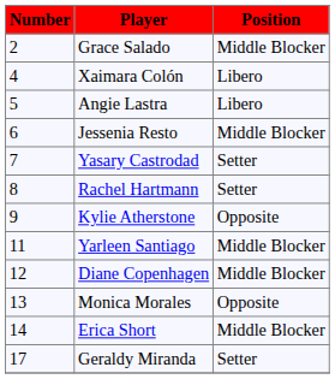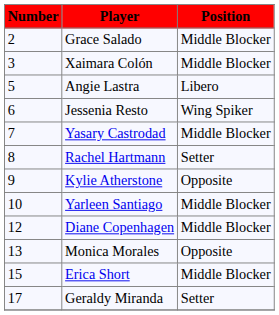 <table bgcolor="#f7f8ff" cellpadding="3" cellspacing="0" border="1" style="font-size: 95%; border: gray solid 1px; border-collapse: collapse;">
 <tr bgcolor="#ff0000">
 <td align=center><strong>Number</strong></td>
 <td align=center><strong>Player</strong></td>
 <td align=center><strong>Position</strong></td>
 </tr>
 <tr align="left">
 <td>2</td>
 <td> Grace Salado</td>
 <td>Middle Blocker</td>
 </tr>
 <tr align="left">
-<td>4</td>
+<td>3</td>
 <td> Xaimara Colón</td>
-<td>Libero</td>
+<td>Middle Blocker</td>
 </tr>
 <tr align="left">
 <td>5</td>
 <td> Angie Lastra</td>
 <td>Libero</td>
 </tr>
 <tr align="left">
 <td>6</td>
 <td> Jessenia Resto</td>
-<td>Middle Blocker</td>
+<td>Wing Spiker</td>
 </tr>
 <tr align="left">
 <td>7</td>
 <td> <a href='#'>Yasary Castrodad</a></td>
-<td>Setter</td>
+<td>Middle Blocker</td>
 </tr>
 <tr align="left">
 <td>8</td>
 <td> <a href='#'>Rachel Hartmann</a></td>
 <td>Setter</td>
 </tr>
 <tr align="left">
 <td>9</td>
 <td> <a href='#'>Kylie Atherstone</a></td>
 <td>Opposite</td>
 </tr>
 <tr align="left">
-<td>11</td>
+<td>10</td>
 <td> <a href='#'>Yarleen Santiago</a></td>
 <td>Middle Blocker</td>
 </tr>
 <tr align="left">
 <td>12</td>
 <td> <a href='#'>Diane Copenhagen</a></td>
 <td>Middle Blocker</td>
 </tr>
 <tr align="left">
 <td>13</td>
 <td> Monica Morales</td>
 <td>Opposite</td>
 </tr>
 <tr align="left">
-<td>14</td>
+<td>15</td>
 <td> <a href='#'>Erica Short</a></td>
 <td>Middle Blocker</td>
 </tr>
 <tr align="left">
 <td>17</td>
 <td> Geraldy Miranda</td>
 <td>Setter</td>
 </tr>
 <tr align="left">
 </tr>
 </table>
